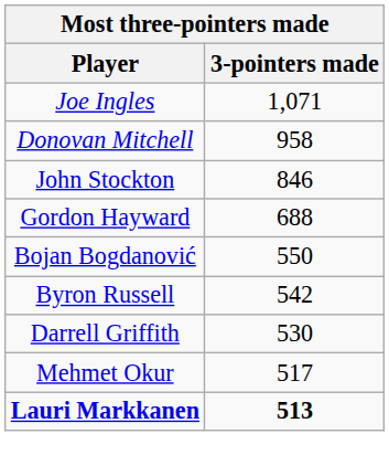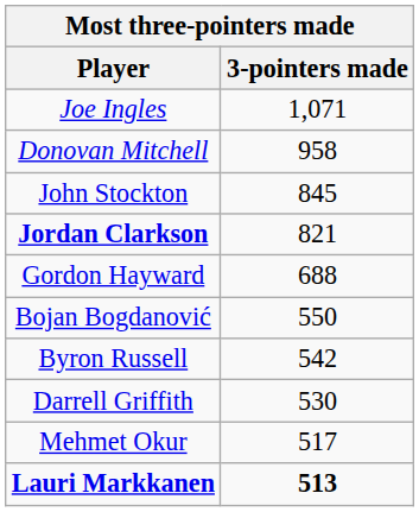 <table class="wikitable sortable" style="text-align:center">
 <tr>
 <th colspan="2" style="text-align:center; ">Most three-pointers made</th>
 </tr>
 <tr>
 <th style="text-align:center; ">Player</th>
 <th style="text-align:center; ">3-pointers made</th>
 </tr>
 <tr>
 <td><em><a href='#'>Joe Ingles</a></em></td>
 <td>1,071</td>
 </tr>
 <tr>
 <td><em><a href='#'>Donovan Mitchell</a></em></td>
 <td>958</td>
 </tr>
 <tr>
 <td><a href='#'>John Stockton</a></td>
-<td>846</td>
+<td>845</td>
+</tr>
+<tr>
+<td><strong><a href='#'>Jordan Clarkson</a></strong></td>
+<td>821</td>
 </tr>
 <tr>
 <td><a href='#'>Gordon Hayward</a></td>
 <td>688</td>
 </tr>
 <tr>
 <td><a href='#'>Bojan Bogdanović</a></td>
 <td>550</td>
 </tr>
 <tr>
 <td><a href='#'>Byron Russell</a></td>
 <td>542</td>
 </tr>
 <tr>
 <td><a href='#'>Darrell Griffith</a></td>
 <td>530</td>
 </tr>
 <tr>
 <td><a href='#'>Mehmet Okur</a></td>
 <td>517</td>
 </tr>
 <tr>
 <td><strong><a href='#'>Lauri Markkanen</a></strong></td>
 <td><strong>513</strong></td>
 </tr>
 </table>
